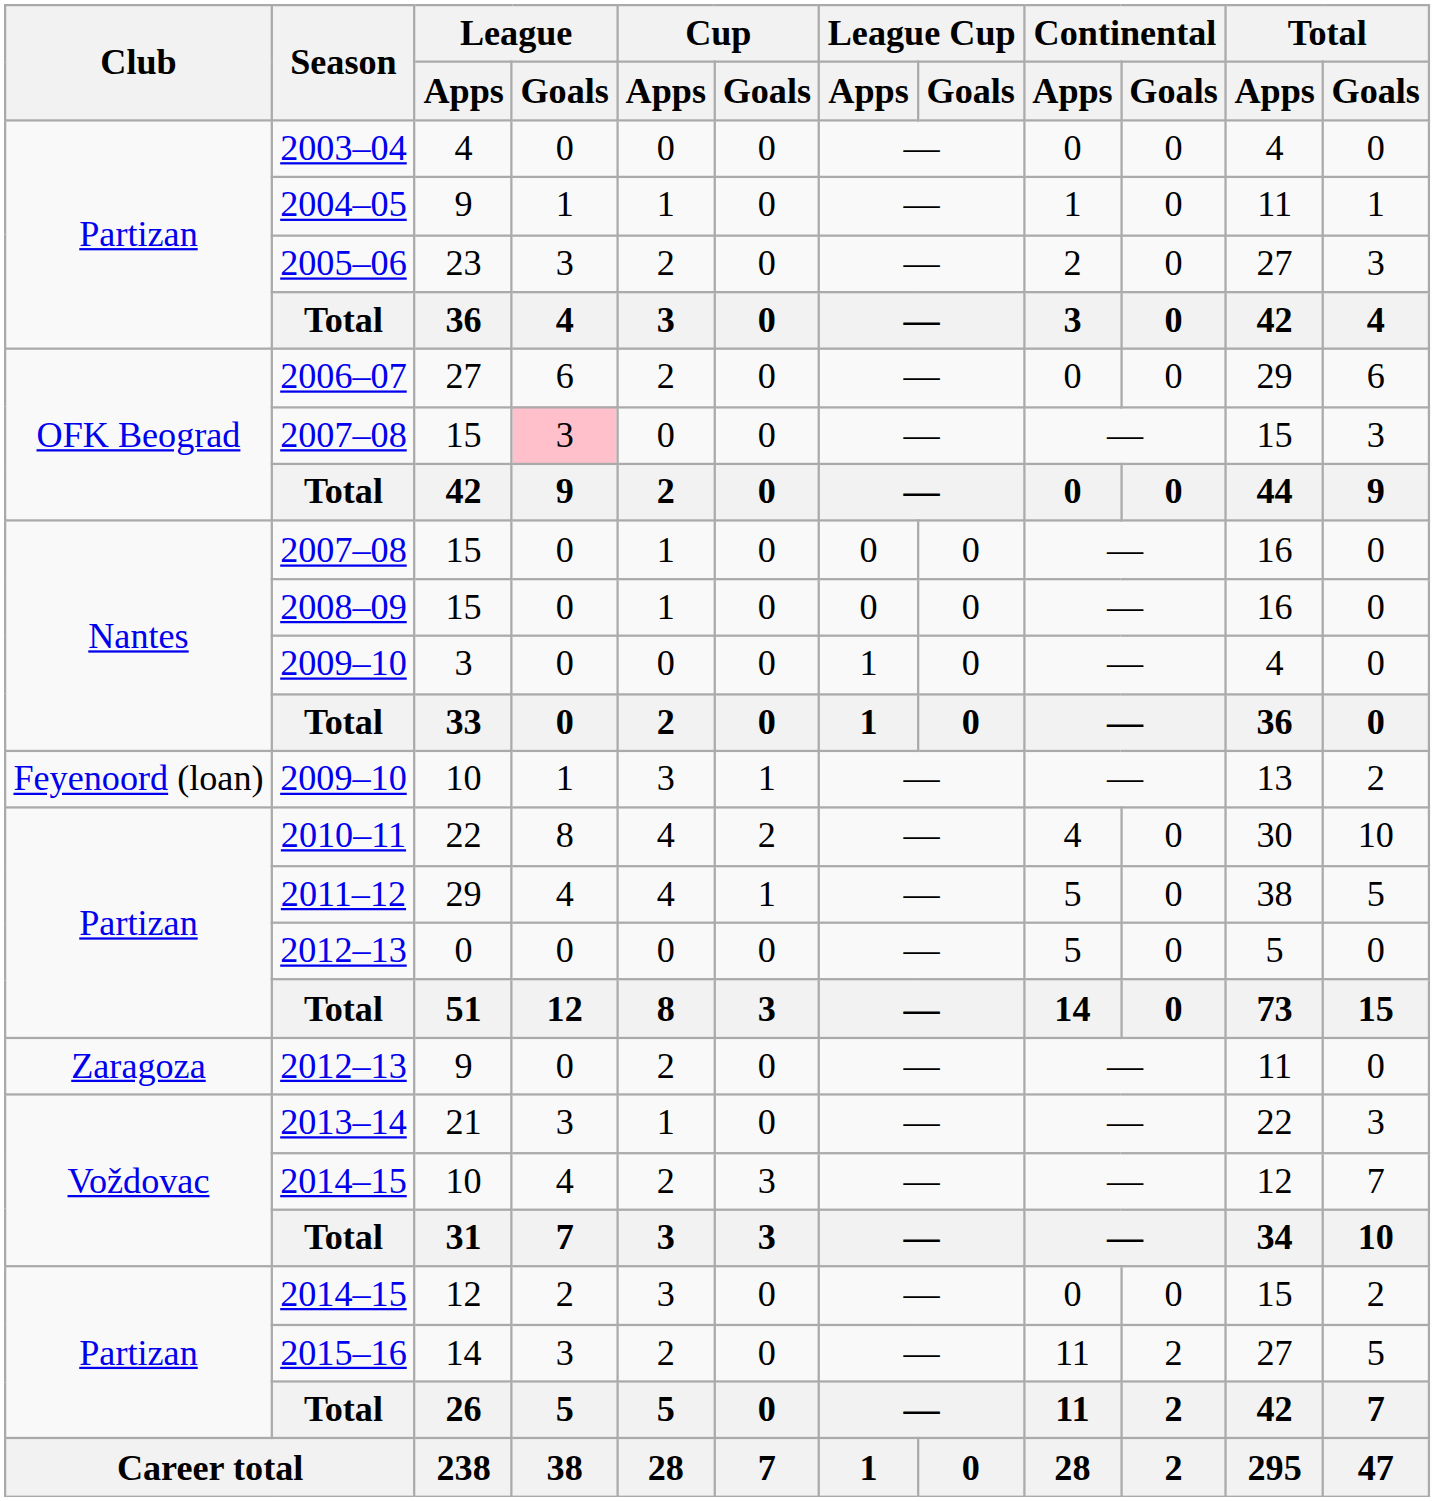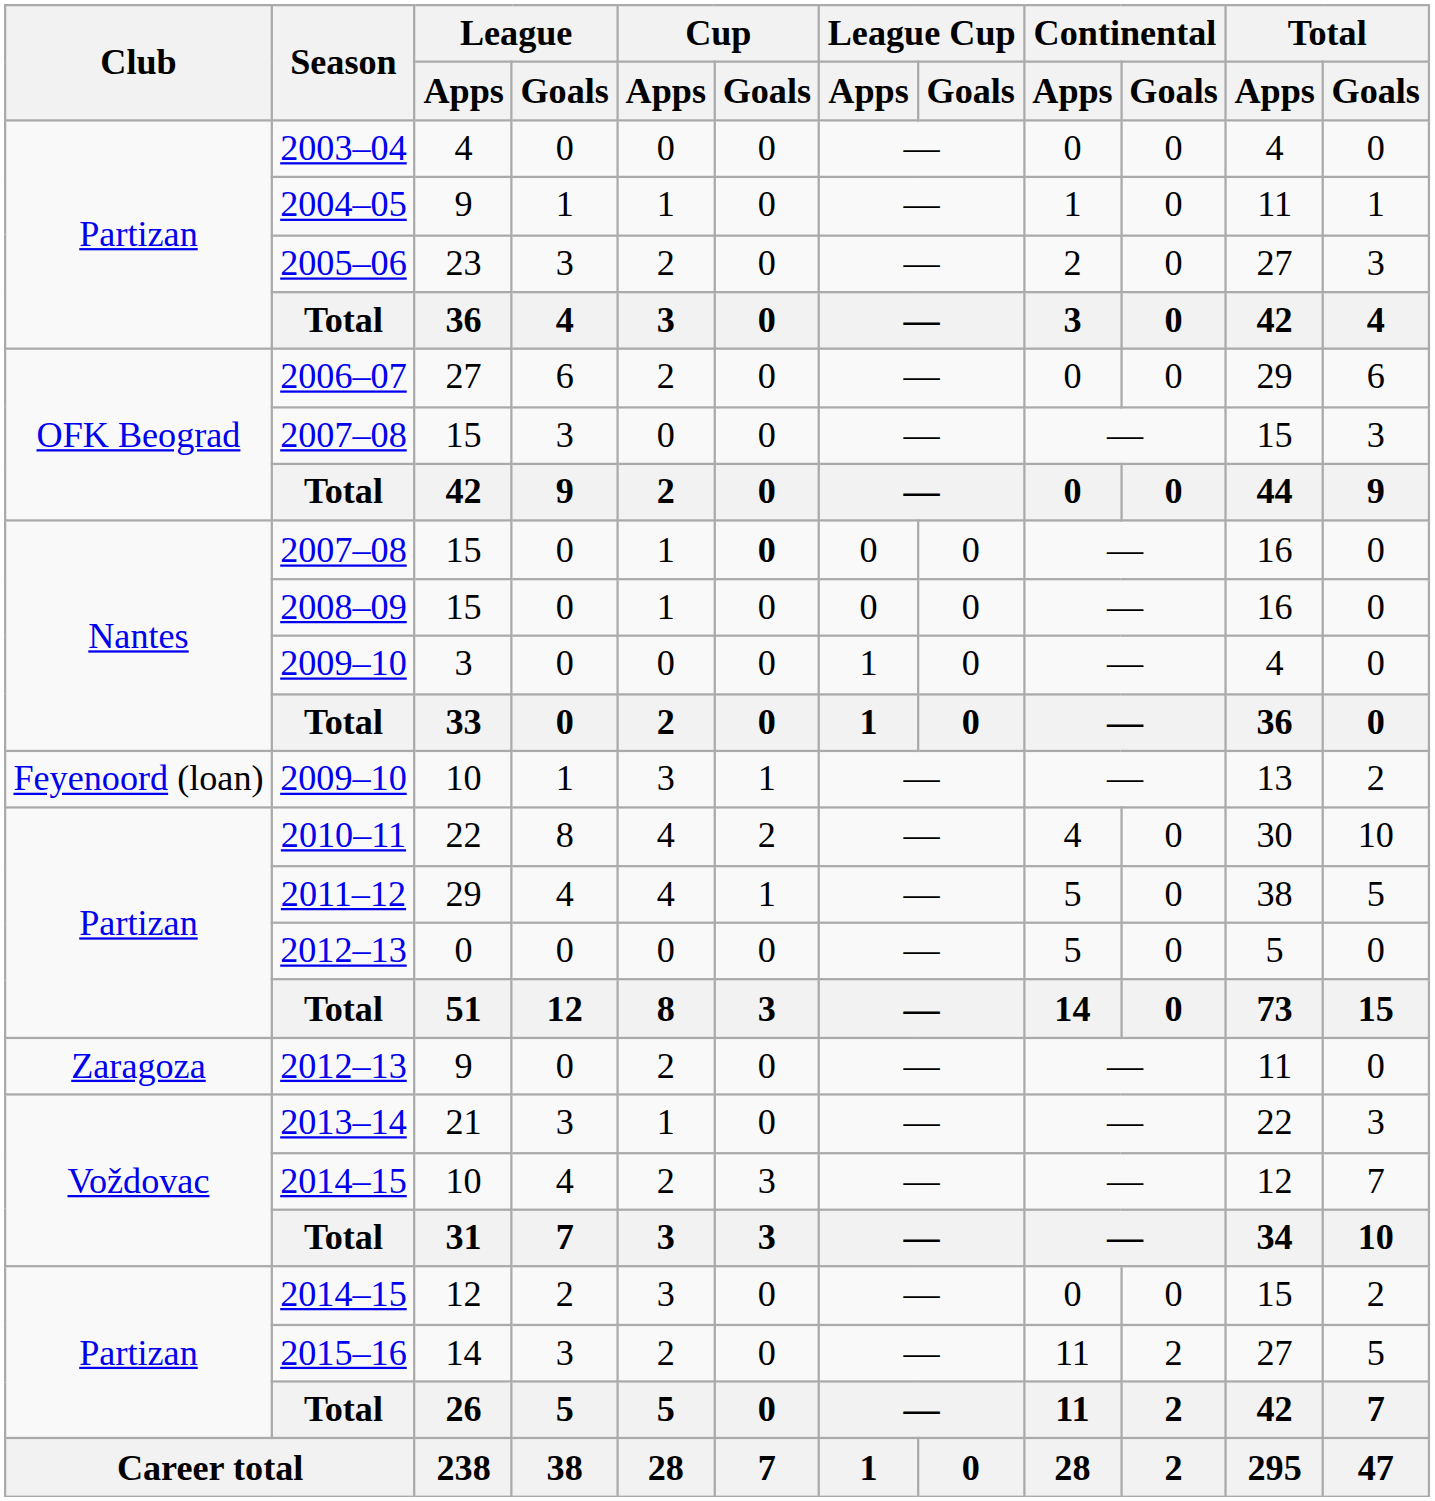 <table class="wikitable" style="text-align:center">
 <tr>
 <th rowspan="2">Club</th>
 <th rowspan="2">Season</th>
 <th colspan="2">League</th>
 <th colspan="2">Cup</th>
 <th colspan="2">League Cup</th>
 <th colspan="2">Continental</th>
 <th colspan="2">Total</th>
 </tr>
 <tr>
 <th>Apps</th>
 <th>Goals</th>
 <th>Apps</th>
 <th>Goals</th>
 <th>Apps</th>
 <th>Goals</th>
 <th>Apps</th>
 <th>Goals</th>
 <th>Apps</th>
 <th>Goals</th>
 </tr>
 <tr>
 <td rowspan="4"><a href='#'>Partizan</a></td>
 <td><a href='#'>2003–04</a></td>
 <td>4</td>
 <td>0</td>
 <td>0</td>
 <td>0</td>
 <td colspan="2">—</td>
 <td>0</td>
 <td>0</td>
 <td>4</td>
 <td>0</td>
 </tr>
 <tr>
 <td><a href='#'>2004–05</a></td>
 <td>9</td>
 <td>1</td>
 <td>1</td>
 <td>0</td>
 <td colspan="2">—</td>
 <td>1</td>
 <td>0</td>
 <td>11</td>
 <td>1</td>
 </tr>
 <tr>
 <td><a href='#'>2005–06</a></td>
 <td>23</td>
 <td>3</td>
 <td>2</td>
 <td>0</td>
 <td colspan="2">—</td>
 <td>2</td>
 <td>0</td>
 <td>27</td>
 <td>3</td>
 </tr>
 <tr>
 <th>Total</th>
 <th>36</th>
 <th>4</th>
 <th>3</th>
 <th>0</th>
 <th colspan="2">—</th>
 <th>3</th>
 <th>0</th>
 <th>42</th>
 <th>4</th>
 </tr>
 <tr>
 <td rowspan="3"><a href='#'>OFK Beograd</a></td>
 <td><a href='#'>2006–07</a></td>
 <td>27</td>
 <td>6</td>
 <td>2</td>
 <td>0</td>
 <td colspan="2">—</td>
 <td>0</td>
 <td>0</td>
 <td>29</td>
 <td>6</td>
 </tr>
 <tr>
 <td><a href='#'>2007–08</a></td>
 <td>15</td>
-<td style="background: pink;">3</td>
+<td>3</td>
 <td>0</td>
 <td>0</td>
 <td colspan="2">—</td>
 <td colspan="2">—</td>
 <td>15</td>
 <td>3</td>
 </tr>
 <tr>
 <th>Total</th>
 <th>42</th>
 <th>9</th>
 <th>2</th>
 <th>0</th>
 <th colspan="2">—</th>
 <th>0</th>
 <th>0</th>
 <th>44</th>
 <th>9</th>
 </tr>
 <tr>
 <td rowspan="4"><a href='#'>Nantes</a></td>
 <td><a href='#'>2007–08</a></td>
 <td>15</td>
 <td>0</td>
 <td>1</td>
-<td>0</td>
+<td><strong>0</strong></td>
 <td>0</td>
 <td>0</td>
 <td colspan="2">—</td>
 <td>16</td>
 <td>0</td>
 </tr>
 <tr>
 <td><a href='#'>2008–09</a></td>
 <td>15</td>
 <td>0</td>
 <td>1</td>
 <td>0</td>
 <td>0</td>
 <td>0</td>
 <td colspan="2">—</td>
 <td>16</td>
 <td>0</td>
 </tr>
 <tr>
 <td><a href='#'>2009–10</a></td>
 <td>3</td>
 <td>0</td>
 <td>0</td>
 <td>0</td>
 <td>1</td>
 <td>0</td>
 <td colspan="2">—</td>
 <td>4</td>
 <td>0</td>
 </tr>
 <tr>
 <th>Total</th>
 <th>33</th>
 <th>0</th>
 <th>2</th>
 <th>0</th>
 <th>1</th>
 <th>0</th>
 <th colspan="2">—</th>
 <th>36</th>
 <th>0</th>
 </tr>
 <tr>
 <td><a href='#'>Feyenoord</a> (loan)</td>
 <td><a href='#'>2009–10</a></td>
 <td>10</td>
 <td>1</td>
 <td>3</td>
 <td>1</td>
 <td colspan="2">—</td>
 <td colspan="2">—</td>
 <td>13</td>
 <td>2</td>
 </tr>
 <tr>
 <td rowspan="4"><a href='#'>Partizan</a></td>
 <td><a href='#'>2010–11</a></td>
 <td>22</td>
 <td>8</td>
 <td>4</td>
 <td>2</td>
 <td colspan="2">—</td>
 <td>4</td>
 <td>0</td>
 <td>30</td>
 <td>10</td>
 </tr>
 <tr>
 <td><a href='#'>2011–12</a></td>
 <td>29</td>
 <td>4</td>
 <td>4</td>
 <td>1</td>
 <td colspan="2">—</td>
 <td>5</td>
 <td>0</td>
 <td>38</td>
 <td>5</td>
 </tr>
 <tr>
 <td><a href='#'>2012–13</a></td>
 <td>0</td>
 <td>0</td>
 <td>0</td>
 <td>0</td>
 <td colspan="2">—</td>
 <td>5</td>
 <td>0</td>
 <td>5</td>
 <td>0</td>
 </tr>
 <tr>
 <th>Total</th>
 <th>51</th>
 <th>12</th>
 <th>8</th>
 <th>3</th>
 <th colspan="2">—</th>
 <th>14</th>
 <th>0</th>
 <th>73</th>
 <th>15</th>
 </tr>
 <tr>
 <td><a href='#'>Zaragoza</a></td>
 <td><a href='#'>2012–13</a></td>
 <td>9</td>
 <td>0</td>
 <td>2</td>
 <td>0</td>
 <td colspan="2">—</td>
 <td colspan="2">—</td>
 <td>11</td>
 <td>0</td>
 </tr>
 <tr>
 <td rowspan="3"><a href='#'>Voždovac</a></td>
 <td><a href='#'>2013–14</a></td>
 <td>21</td>
 <td>3</td>
 <td>1</td>
 <td>0</td>
 <td colspan="2">—</td>
 <td colspan="2">—</td>
 <td>22</td>
 <td>3</td>
 </tr>
 <tr>
 <td><a href='#'>2014–15</a></td>
 <td>10</td>
 <td>4</td>
 <td>2</td>
 <td>3</td>
 <td colspan="2">—</td>
 <td colspan="2">—</td>
 <td>12</td>
 <td>7</td>
 </tr>
 <tr>
 <th>Total</th>
 <th>31</th>
 <th>7</th>
 <th>3</th>
 <th>3</th>
 <th colspan="2">—</th>
 <th colspan="2">—</th>
 <th>34</th>
 <th>10</th>
 </tr>
 <tr>
 <td rowspan="3"><a href='#'>Partizan</a></td>
 <td><a href='#'>2014–15</a></td>
 <td>12</td>
 <td>2</td>
 <td>3</td>
 <td>0</td>
 <td colspan="2">—</td>
 <td>0</td>
 <td>0</td>
 <td>15</td>
 <td>2</td>
 </tr>
 <tr>
 <td><a href='#'>2015–16</a></td>
 <td>14</td>
 <td>3</td>
 <td>2</td>
 <td>0</td>
 <td colspan="2">—</td>
 <td>11</td>
 <td>2</td>
 <td>27</td>
 <td>5</td>
 </tr>
 <tr>
 <th>Total</th>
 <th>26</th>
 <th>5</th>
 <th>5</th>
 <th>0</th>
 <th colspan="2">—</th>
 <th>11</th>
 <th>2</th>
 <th>42</th>
 <th>7</th>
 </tr>
 <tr>
 <th colspan="2">Career total</th>
 <th>238</th>
 <th>38</th>
 <th>28</th>
 <th>7</th>
 <th>1</th>
 <th>0</th>
 <th>28</th>
 <th>2</th>
 <th>295</th>
 <th>47</th>
 </tr>
 </table>
